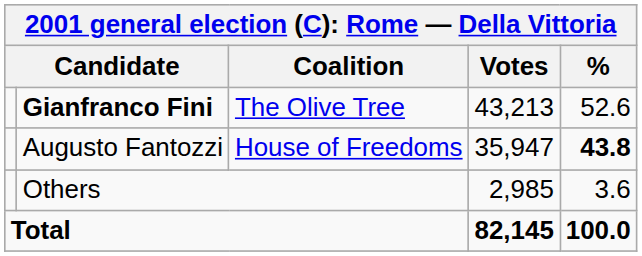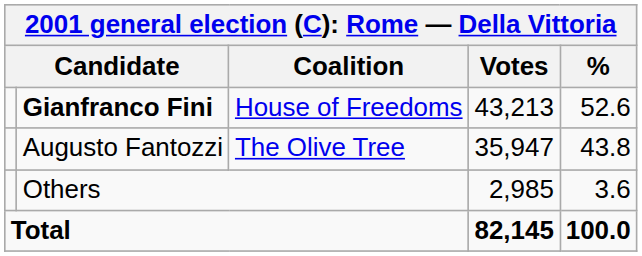 <table class=wikitable style=text-align:right>
 <tr>
 <th colspan=5><a href='#'>2001 general election</a> (<a href='#'>C</a>): <a href='#'>Rome</a> — <a href='#'>Della Vittoria</a></th>
 </tr>
 <tr>
 <th colspan=2>Candidate</th>
 <th>Coalition</th>
 <th>Votes</th>
 <th>%</th>
 </tr>
 <tr>
 <td></td>
 <td align=left><strong>Gianfranco Fini</strong></td>
-<td align=left><a href='#'>The Olive Tree</a></td>
+<td align=left><a href='#'>House of Freedoms</a></td>
 <td>43,213</td>
 <td>52.6</td>
 </tr>
 <tr>
 <td></td>
 <td align=left>Augusto Fantozzi</td>
-<td align=left><a href='#'>House of Freedoms</a></td>
+<td align=left><a href='#'>The Olive Tree</a></td>
 <td>35,947</td>
-<td><strong>43.8</strong></td>
+<td>43.8</td>
 </tr>
 <tr>
 <td></td>
 <td align=left colspan=2>Others</td>
 <td>2,985</td>
 <td>3.6</td>
 </tr>
 <tr>
 <td align=left colspan=3><strong>Total</strong></td>
 <td><strong>82,145</strong></td>
 <td><strong>100.0</strong></td>
 </tr>
 </table>
